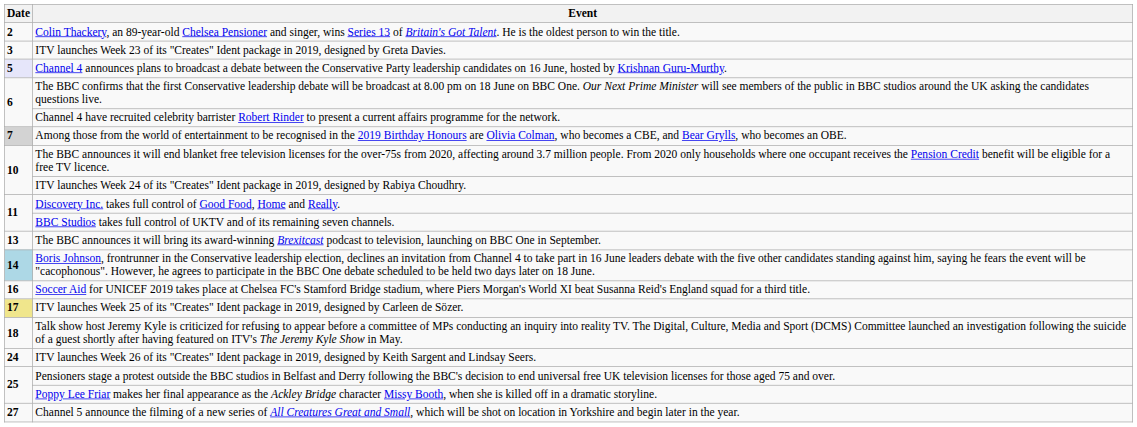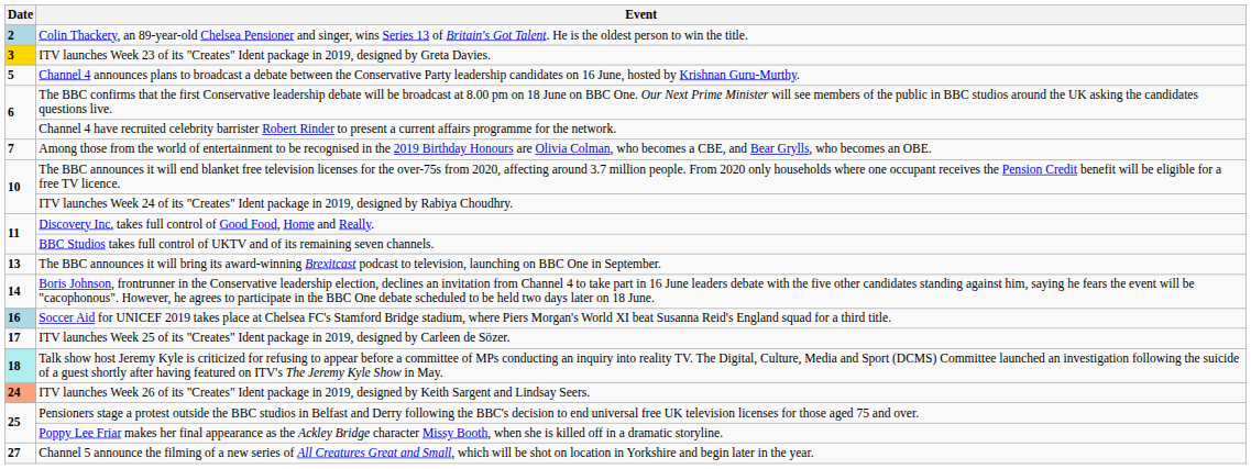 <table class="wikitable">
 <tr>
 <th>Date</th>
 <th>Event</th>
 </tr>
 <tr>
-<td><strong>2</strong></td>
+<td style="background: lightblue;"><strong>2</strong></td>
 <td><a href='#'>Colin Thackery</a>, an 89-year-old <a href='#'>Chelsea Pensioner</a> and singer, wins <a href='#'>Series 13</a> of <em><a href='#'>Britain's Got Talent</a></em>. He is the oldest person to win the title.</td>
 </tr>
 <tr>
-<td><strong>3</strong></td>
+<td style="background: gold;"><strong>3</strong></td>
 <td>ITV launches Week 23 of its "Creates" Ident package in 2019, designed by Greta Davies.</td>
 </tr>
 <tr>
-<td style="background: lavender;"><strong>5</strong></td>
+<td><strong>5</strong></td>
 <td><a href='#'>Channel 4</a> announces plans to broadcast a debate between the Conservative Party leadership candidates on 16 June, hosted by <a href='#'>Krishnan Guru-Murthy</a>.</td>
 </tr>
 <tr>
 <td rowspan=2><strong>6</strong></td>
 <td>The BBC confirms that the first Conservative leadership debate will be broadcast at 8.00 pm on 18 June on BBC One. <em>Our Next Prime Minister</em> will see members of the public in BBC studios around the UK asking the candidates questions live.</td>
 </tr>
 <tr>
 <td>Channel 4 have recruited celebrity barrister <a href='#'>Robert Rinder</a> to present a current affairs programme for the network.</td>
 </tr>
 <tr>
-<td style="background: lightgrey;"><strong>7</strong></td>
+<td><strong>7</strong></td>
 <td>Among those from the world of entertainment to be recognised in the <a href='#'>2019 Birthday Honours</a> are <a href='#'>Olivia Colman</a>, who becomes a CBE, and <a href='#'>Bear Grylls</a>, who becomes an OBE.</td>
 </tr>
 <tr>
 <td rowspan=2><strong>10</strong></td>
 <td>The BBC announces it will end blanket free television licenses for the over-75s from 2020, affecting around 3.7 million people. From 2020 only households where one occupant receives the <a href='#'>Pension Credit</a> benefit will be eligible for a free TV licence.</td>
 </tr>
 <tr>
 <td>ITV launches Week 24 of its "Creates" Ident package in 2019, designed by Rabiya Choudhry.</td>
 </tr>
 <tr>
 <td rowspan=2><strong>11</strong></td>
 <td><a href='#'>Discovery Inc.</a> takes full control of <a href='#'>Good Food</a>, <a href='#'>Home</a> and <a href='#'>Really</a>.</td>
 </tr>
 <tr>
 <td><a href='#'>BBC Studios</a> takes full control of UKTV and of its remaining seven channels.</td>
 </tr>
 <tr>
 <td><strong>13</strong></td>
 <td>The BBC announces it will bring its award-winning <em><a href='#'>Brexitcast</a></em> podcast to television, launching on BBC One in September.</td>
 </tr>
 <tr>
-<td style="background: lightblue;"><strong>14</strong></td>
+<td><strong>14</strong></td>
 <td><a href='#'>Boris Johnson</a>, frontrunner in the Conservative leadership election, declines an invitation from Channel 4 to take part in 16 June leaders debate with the five other candidates standing against him, saying he fears the event will be "cacophonous". However, he agrees to participate in the BBC One debate scheduled to be held two days later on 18 June.</td>
 </tr>
 <tr>
-<td><strong>16</strong></td>
+<td style="background: lightblue;"><strong>16</strong></td>
 <td><a href='#'>Soccer Aid</a> for UNICEF 2019 takes place at Chelsea FC's Stamford Bridge stadium, where Piers Morgan's World XI beat Susanna Reid's England squad for a third title.</td>
 </tr>
 <tr>
-<td style="background: khaki;"><strong>17</strong></td>
+<td><strong>17</strong></td>
 <td>ITV launches Week 25 of its "Creates" Ident package in 2019, designed by Carleen de Sözer.</td>
 </tr>
 <tr>
-<td><strong>18</strong></td>
+<td style="background: paleturquoise;"><strong>18</strong></td>
 <td>Talk show host Jeremy Kyle is criticized for refusing to appear before a committee of MPs conducting an inquiry into reality TV. The Digital, Culture, Media and Sport (DCMS) Committee launched an investigation following the suicide of a guest shortly after having featured on ITV's <em>The Jeremy Kyle Show</em> in May.</td>
 </tr>
 <tr>
-<td><strong>24</strong></td>
+<td style="background: lightsalmon;"><strong>24</strong></td>
 <td>ITV launches Week 26 of its "Creates" Ident package in 2019, designed by Keith Sargent and Lindsay Seers.</td>
 </tr>
 <tr>
 <td rowspan=2><strong>25</strong></td>
 <td>Pensioners stage a protest outside the BBC studios in Belfast and Derry following the BBC's decision to end universal free UK television licenses for those aged 75 and over.</td>
 </tr>
 <tr>
 <td><a href='#'>Poppy Lee Friar</a> makes her final appearance as the <em>Ackley Bridge</em> character <a href='#'>Missy Booth</a>, when she is killed off in a dramatic storyline.</td>
 </tr>
 <tr>
 <td><strong>27</strong></td>
 <td>Channel 5 announce the filming of a new series of <em><a href='#'>All Creatures Great and Small</a></em>, which will be shot on location in Yorkshire and begin later in the year.</td>
 </tr>
 </table>
